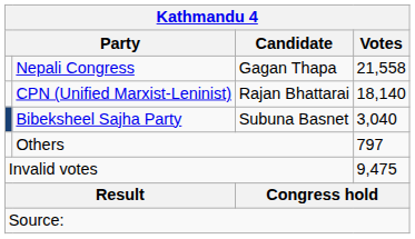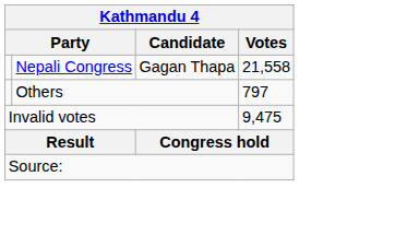 <table class="wikitable">
 <tr>
 <th colspan="4"><a href='#'>Kathmandu 4</a></th>
 </tr>
 <tr>
 <th colspan="2">Party</th>
 <th>Candidate</th>
 <th>Votes</th>
 </tr>
 <tr>
 <td style="background-color:"></td>
 <td><a href='#'>Nepali Congress</a></td>
 <td>Gagan Thapa</td>
 <td>21,558</td>
-</tr>
-<tr>
-<td style="background-color:"></td>
-<td><a href='#'>CPN (Unified Marxist-Leninist)</a></td>
-<td>Rajan Bhattarai</td>
-<td>18,140</td>
-</tr>
-<tr>
-<td style="background-color:#183F73"></td>
-<td><a href='#'>Bibeksheel Sajha Party</a></td>
-<td>Subuna Basnet</td>
-<td>3,040</td>
 </tr>
 <tr>
 <td></td>
 <td colspan="2">Others</td>
 <td>797</td>
 </tr>
 <tr>
 <td colspan="3">Invalid votes</td>
 <td>9,475</td>
 </tr>
 <tr>
 <th colspan="2">Result</th>
 <th colspan="2">Congress hold</th>
 </tr>
 <tr>
 <td colspan="4">Source: </td>
 </tr>
 </table>
